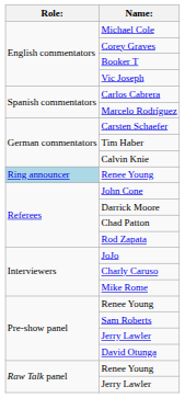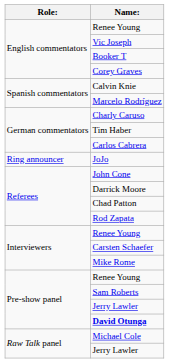 <table class=wikitable style="font-size:90%; margin: 0.5em 0 0.5em 1em; float: right; clear: right;">
 <tr>
 <th>Role:</th>
 <th>Name:</th>
 </tr>
 <tr>
 <td rowspan=4>English commentators</td>
-<td><a href='#'>Michael Cole</a></td>
+<td>Renee Young</td>
+</tr>
+<tr>
+<td><a href='#'>Vic Joseph</a> </td>
+</tr>
+<tr>
+<td><a href='#'>Booker T</a></td>
 </tr>
 <tr>
 <td><a href='#'>Corey Graves</a></td>
 </tr>
 <tr>
-<td><a href='#'>Booker T</a></td>
-</tr>
-<tr>
-<td><a href='#'>Vic Joseph</a> </td>
-</tr>
-<tr>
 <td rowspan=2>Spanish commentators</td>
-<td><a href='#'>Carlos Cabrera</a></td>
+<td>Calvin Knie</td>
 </tr>
 <tr>
 <td><a href='#'>Marcelo Rodríguez</a></td>
 </tr>
 <tr>
 <td rowspan=3>German commentators</td>
-<td><a href='#'>Carsten Schaefer</a></td>
+<td><a href='#'>Charly Caruso</a></td>
 </tr>
 <tr>
 <td>Tim Haber</td>
 </tr>
 <tr>
-<td>Calvin Knie</td>
+<td><a href='#'>Carlos Cabrera</a></td>
 </tr>
 <tr>
-<td rowspan=1 style="background: lightblue;"><a href='#'>Ring announcer</a></td>
-<td><a href='#'>Renee Young</a></td>
+<td rowspan=1><a href='#'>Ring announcer</a></td>
+<td><a href='#'>JoJo</a></td>
 </tr>
 <tr>
 <td rowspan=4><a href='#'>Referees</a></td>
 <td><a href='#'>John Cone</a></td>
 </tr>
 <tr>
 <td>Darrick Moore</td>
 </tr>
 <tr>
 <td>Chad Patton</td>
 </tr>
 <tr>
 <td><a href='#'>Rod Zapata</a></td>
 </tr>
 <tr>
 <td rowspan=3>Interviewers</td>
-<td><a href='#'>JoJo</a></td>
+<td><a href='#'>Renee Young</a></td>
 </tr>
 <tr>
-<td><a href='#'>Charly Caruso</a></td>
+<td><a href='#'>Carsten Schaefer</a></td>
 </tr>
 <tr>
 <td><a href='#'>Mike Rome</a></td>
 </tr>
 <tr>
 <td rowspan=4>Pre-show panel</td>
 <td>Renee Young</td>
 </tr>
 <tr>
 <td><a href='#'>Sam Roberts</a></td>
 </tr>
 <tr>
 <td><a href='#'>Jerry Lawler</a></td>
 </tr>
 <tr>
-<td><a href='#'>David Otunga</a></td>
+<td><strong><a href='#'>David Otunga</a></strong></td>
 </tr>
 <tr>
 <td rowspan=2><em>Raw Talk</em> panel</td>
-<td>Renee Young</td>
+<td><a href='#'>Michael Cole</a></td>
 </tr>
 <tr>
 <td>Jerry Lawler</td>
 </tr>
 </table>
